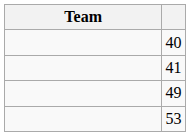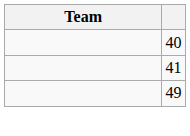 <table class="wikitable" style="white-space:nowrap; display:inline-table;">
 <tr>
 <th style="width:150px">Team</th>
 <th></th>
 </tr>
 <tr>
 <td></td>
 <td style="text-align:center">40</td>
 </tr>
 <tr>
 <td></td>
 <td style="text-align:center">41</td>
 </tr>
 <tr>
 <td></td>
 <td style="text-align:center">49</td>
 </tr>
-<tr>
-<td></td>
-<td style="text-align:center">53</td>
-</tr>
 </table>
